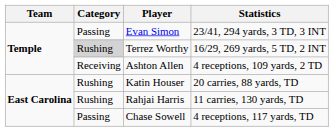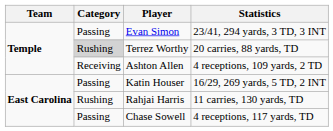 <table class="wikitable" style="float: right;">
 <tr>
 <th>Team</th>
 <th>Category</th>
 <th>Player</th>
 <th>Statistics</th>
 </tr>
 <tr>
 <td rowspan=3><strong>Temple</strong></td>
 <td>Passing</td>
 <td><a href='#'>Evan Simon</a></td>
 <td>23/41, 294 yards, 3 TD, 3 INT</td>
 </tr>
 <tr>
 <td style="background: lightgrey;">Rushing</td>
 <td>Terrez Worthy</td>
-<td>16/29, 269 yards, 5 TD, 2 INT</td>
+<td>20 carries, 88 yards, TD</td>
 </tr>
 <tr>
 <td>Receiving</td>
 <td>Ashton Allen</td>
 <td>4 receptions, 109 yards, 2 TD</td>
 </tr>
 <tr>
 <td rowspan=3><strong>East Carolina</strong></td>
-<td>Rushing</td>
+<td>Passing</td>
 <td>Katin Houser</td>
-<td>20 carries, 88 yards, TD</td>
+<td>16/29, 269 yards, 5 TD, 2 INT</td>
 </tr>
 <tr>
 <td>Rushing</td>
 <td>Rahjai Harris</td>
 <td>11 carries, 130 yards, TD</td>
 </tr>
 <tr>
 <td>Passing</td>
 <td>Chase Sowell</td>
 <td>4 receptions, 117 yards, TD</td>
 </tr>
 </table>
